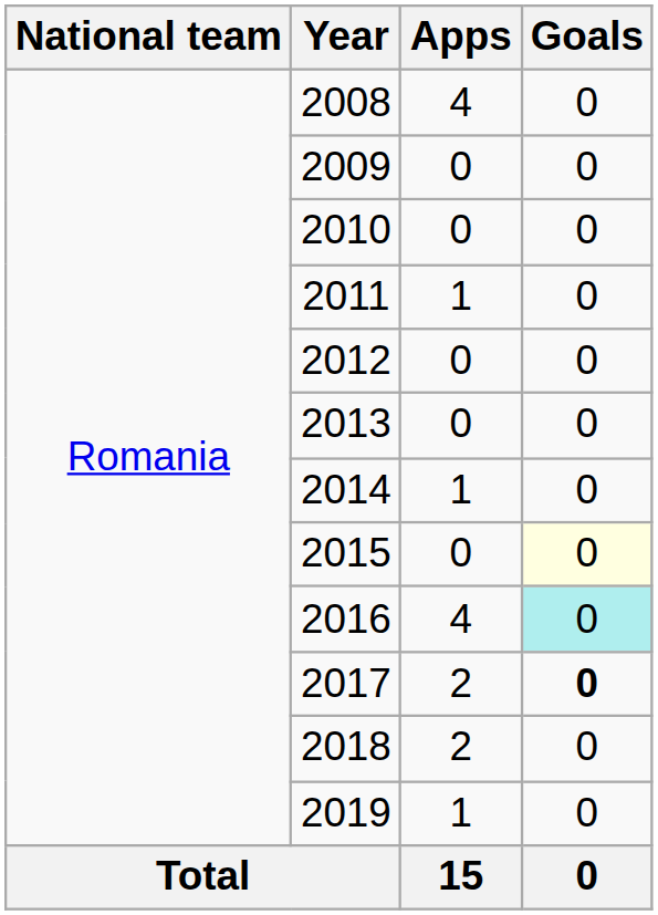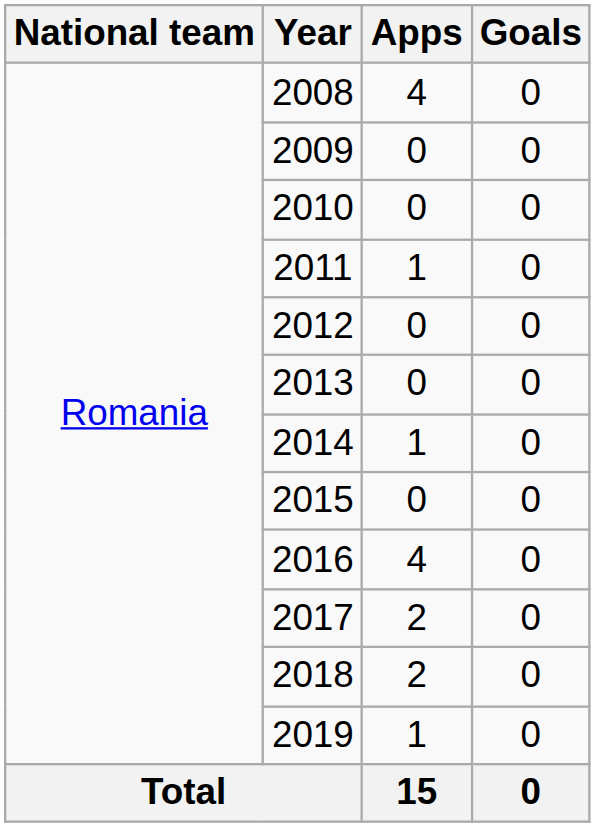 <table class="wikitable" style="text-align:center">
 <tr>
 <th>National team</th>
 <th>Year</th>
 <th>Apps</th>
 <th>Goals</th>
 </tr>
 <tr>
 <td rowspan="12"><a href='#'>Romania</a></td>
 <td>2008</td>
 <td>4</td>
 <td>0</td>
 </tr>
 <tr>
 <td>2009</td>
 <td>0</td>
 <td>0</td>
 </tr>
 <tr>
 <td>2010</td>
 <td>0</td>
 <td>0</td>
 </tr>
 <tr>
 <td>2011</td>
 <td>1</td>
 <td>0</td>
 </tr>
 <tr>
 <td>2012</td>
 <td>0</td>
 <td>0</td>
 </tr>
 <tr>
 <td>2013</td>
 <td>0</td>
 <td>0</td>
 </tr>
 <tr>
 <td>2014</td>
 <td>1</td>
 <td>0</td>
 </tr>
 <tr>
 <td>2015</td>
 <td>0</td>
-<td style="background: lightyellow;">0</td>
+<td>0</td>
 </tr>
 <tr>
 <td>2016</td>
 <td>4</td>
-<td style="background: paleturquoise;">0</td>
+<td>0</td>
 </tr>
 <tr>
 <td>2017</td>
 <td>2</td>
-<td><strong>0</strong></td>
+<td>0</td>
 </tr>
 <tr>
 <td>2018</td>
 <td>2</td>
 <td>0</td>
 </tr>
 <tr>
 <td>2019</td>
 <td>1</td>
 <td>0</td>
 </tr>
 <tr>
 <th colspan="2">Total</th>
 <th>15</th>
 <th>0</th>
 </tr>
 </table>
